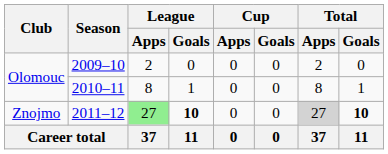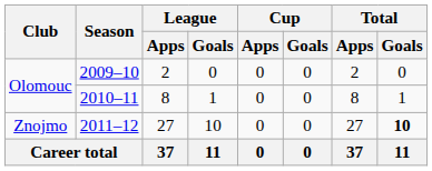 <table class="wikitable" style="text-align:center">
 <tr>
 <th rowspan="2">Club</th>
 <th rowspan="2">Season</th>
 <th colspan="2">League</th>
 <th colspan="2">Cup</th>
 <th colspan="2">Total</th>
 </tr>
 <tr>
 <th>Apps</th>
 <th>Goals</th>
 <th>Apps</th>
 <th>Goals</th>
 <th>Apps</th>
 <th>Goals</th>
 </tr>
 <tr>
 <td rowspan=2><a href='#'>Olomouc</a></td>
 <td><a href='#'>2009–10</a></td>
 <td>2</td>
 <td>0</td>
 <td>0</td>
 <td>0</td>
 <td>2</td>
 <td>0</td>
 </tr>
 <tr>
 <td><a href='#'>2010–11</a></td>
 <td>8</td>
 <td>1</td>
 <td>0</td>
 <td>0</td>
 <td>8</td>
 <td>1</td>
 </tr>
 <tr>
 <td><a href='#'>Znojmo</a></td>
 <td><a href='#'>2011–12</a></td>
-<td style="background: lightgreen;">27</td>
-<td><strong>10</strong></td>
+<td>27</td>
+<td>10</td>
 <td>0</td>
 <td>0</td>
-<td style="background: lightgrey;">27</td>
+<td>27</td>
 <td><strong>10</strong></td>
 </tr>
 <tr>
 <th colspan="2">Career total</th>
 <th>37</th>
 <th>11</th>
 <th>0</th>
 <th>0</th>
 <th>37</th>
 <th>11</th>
 </tr>
 </table>
